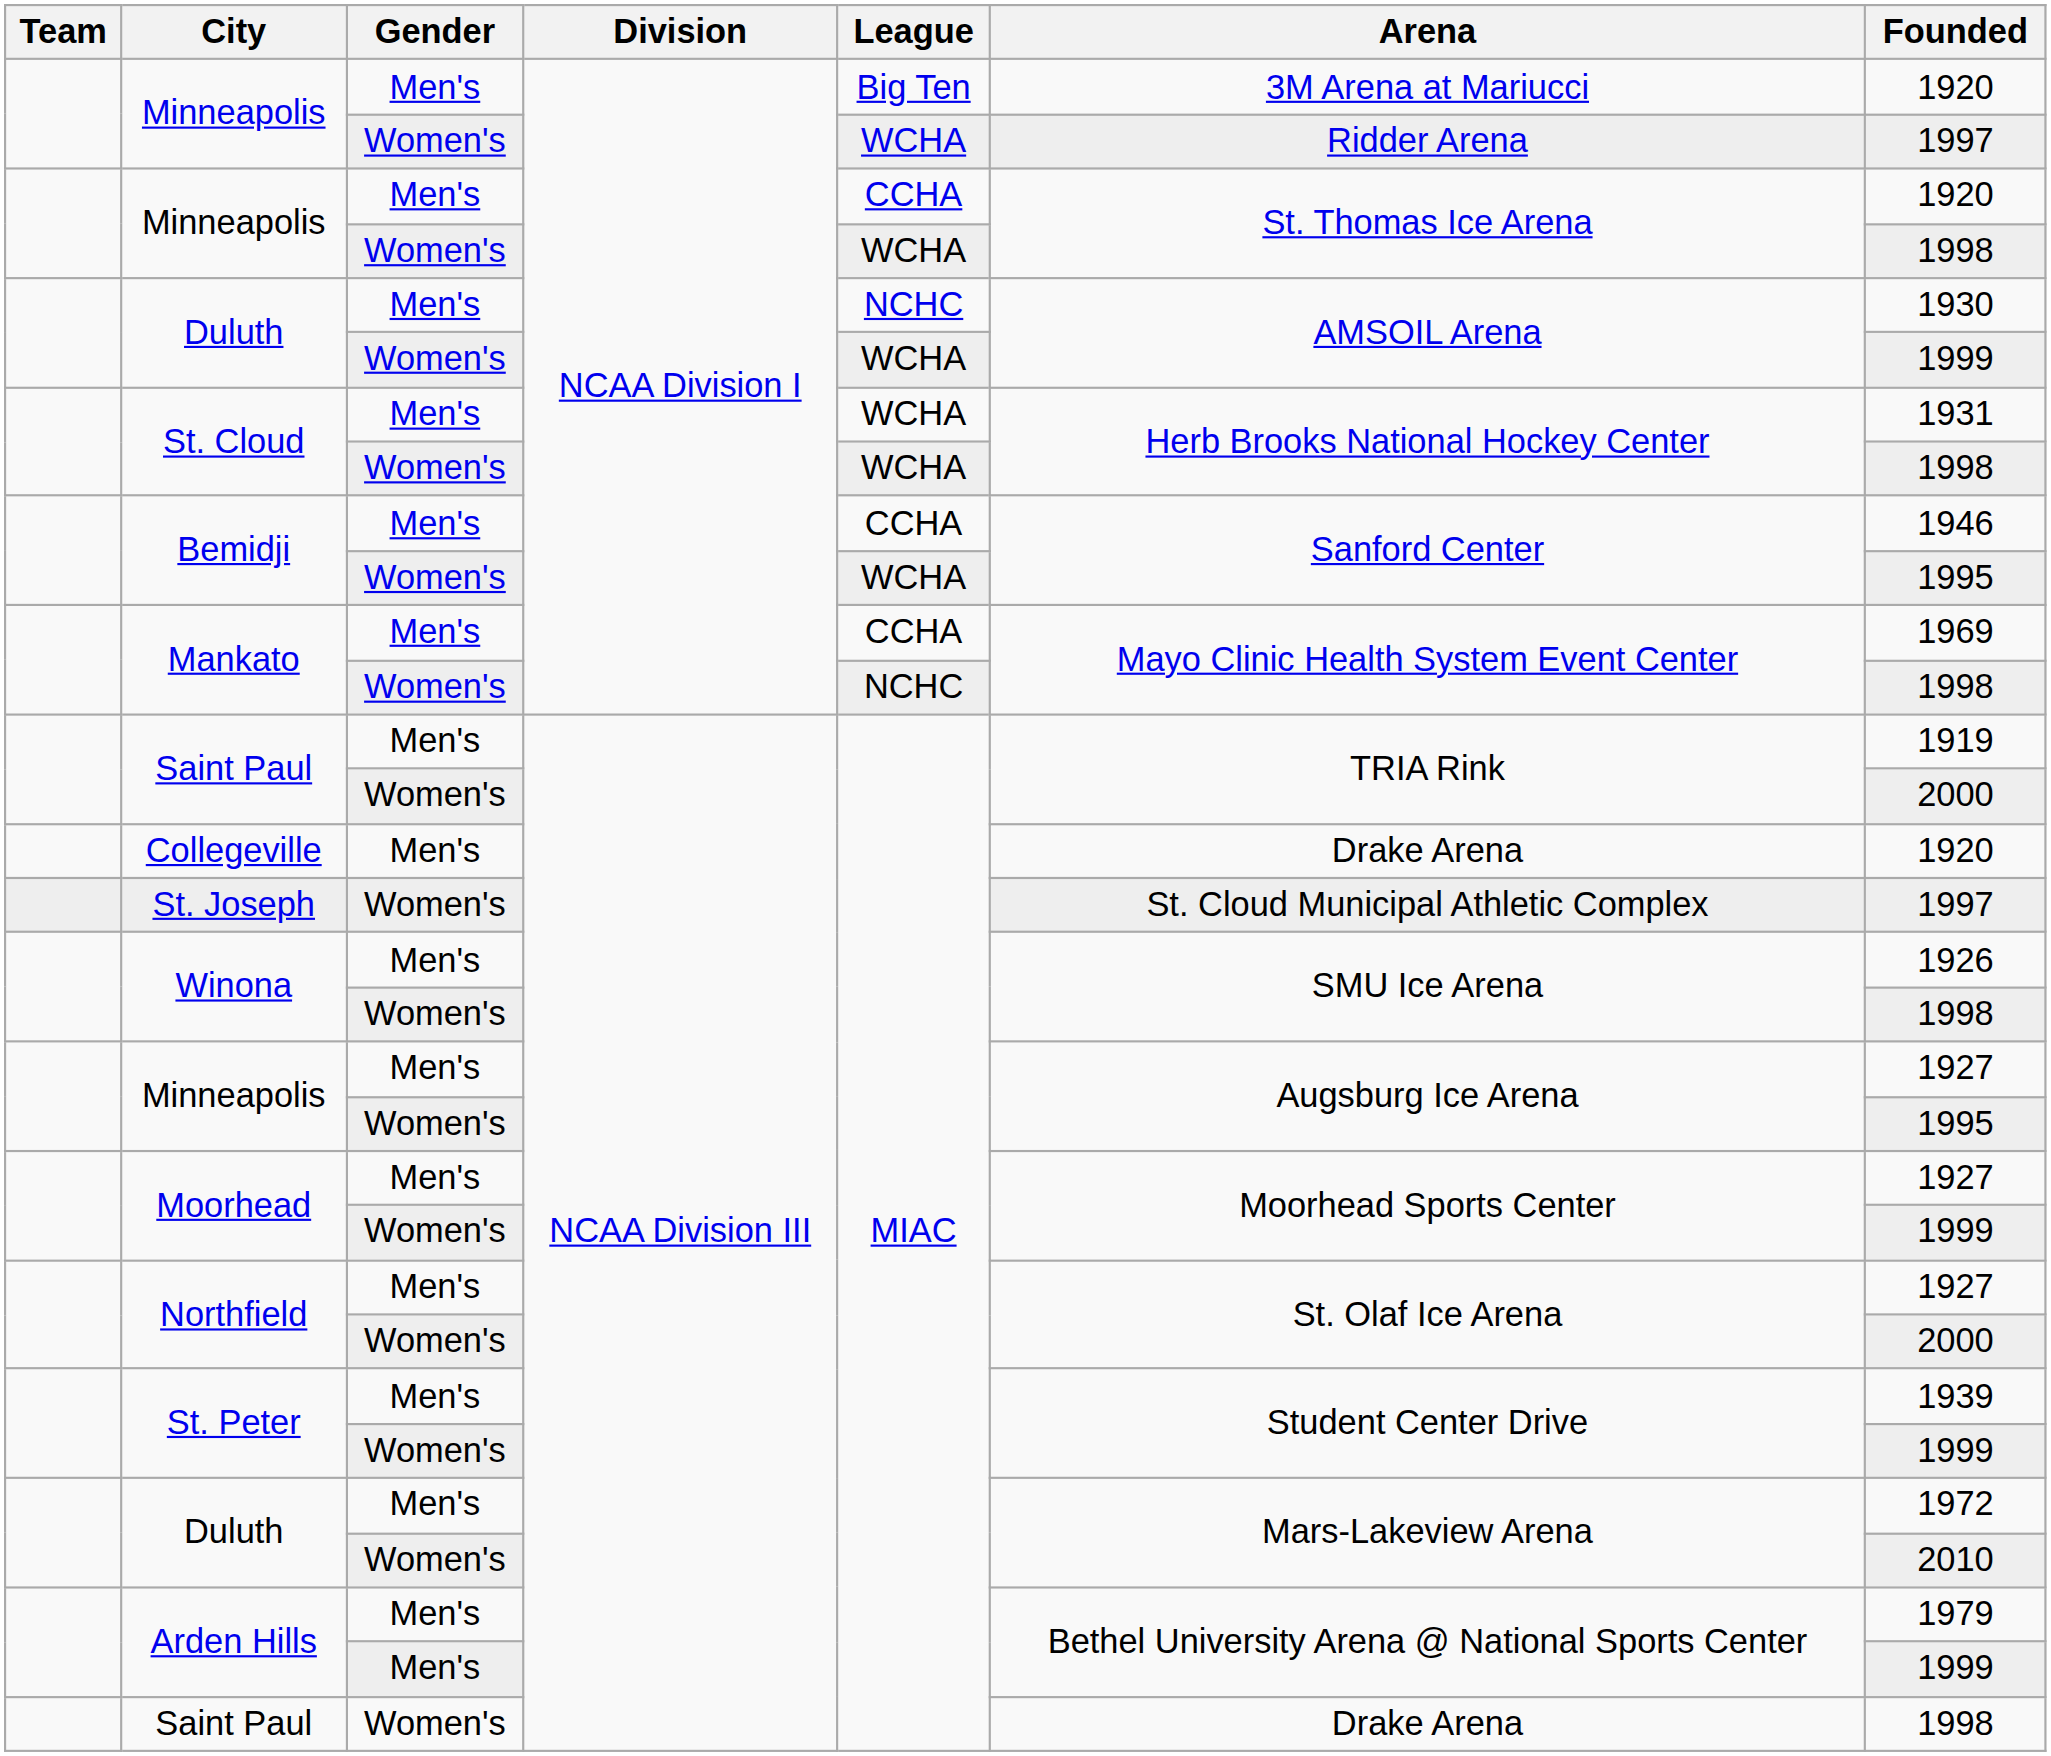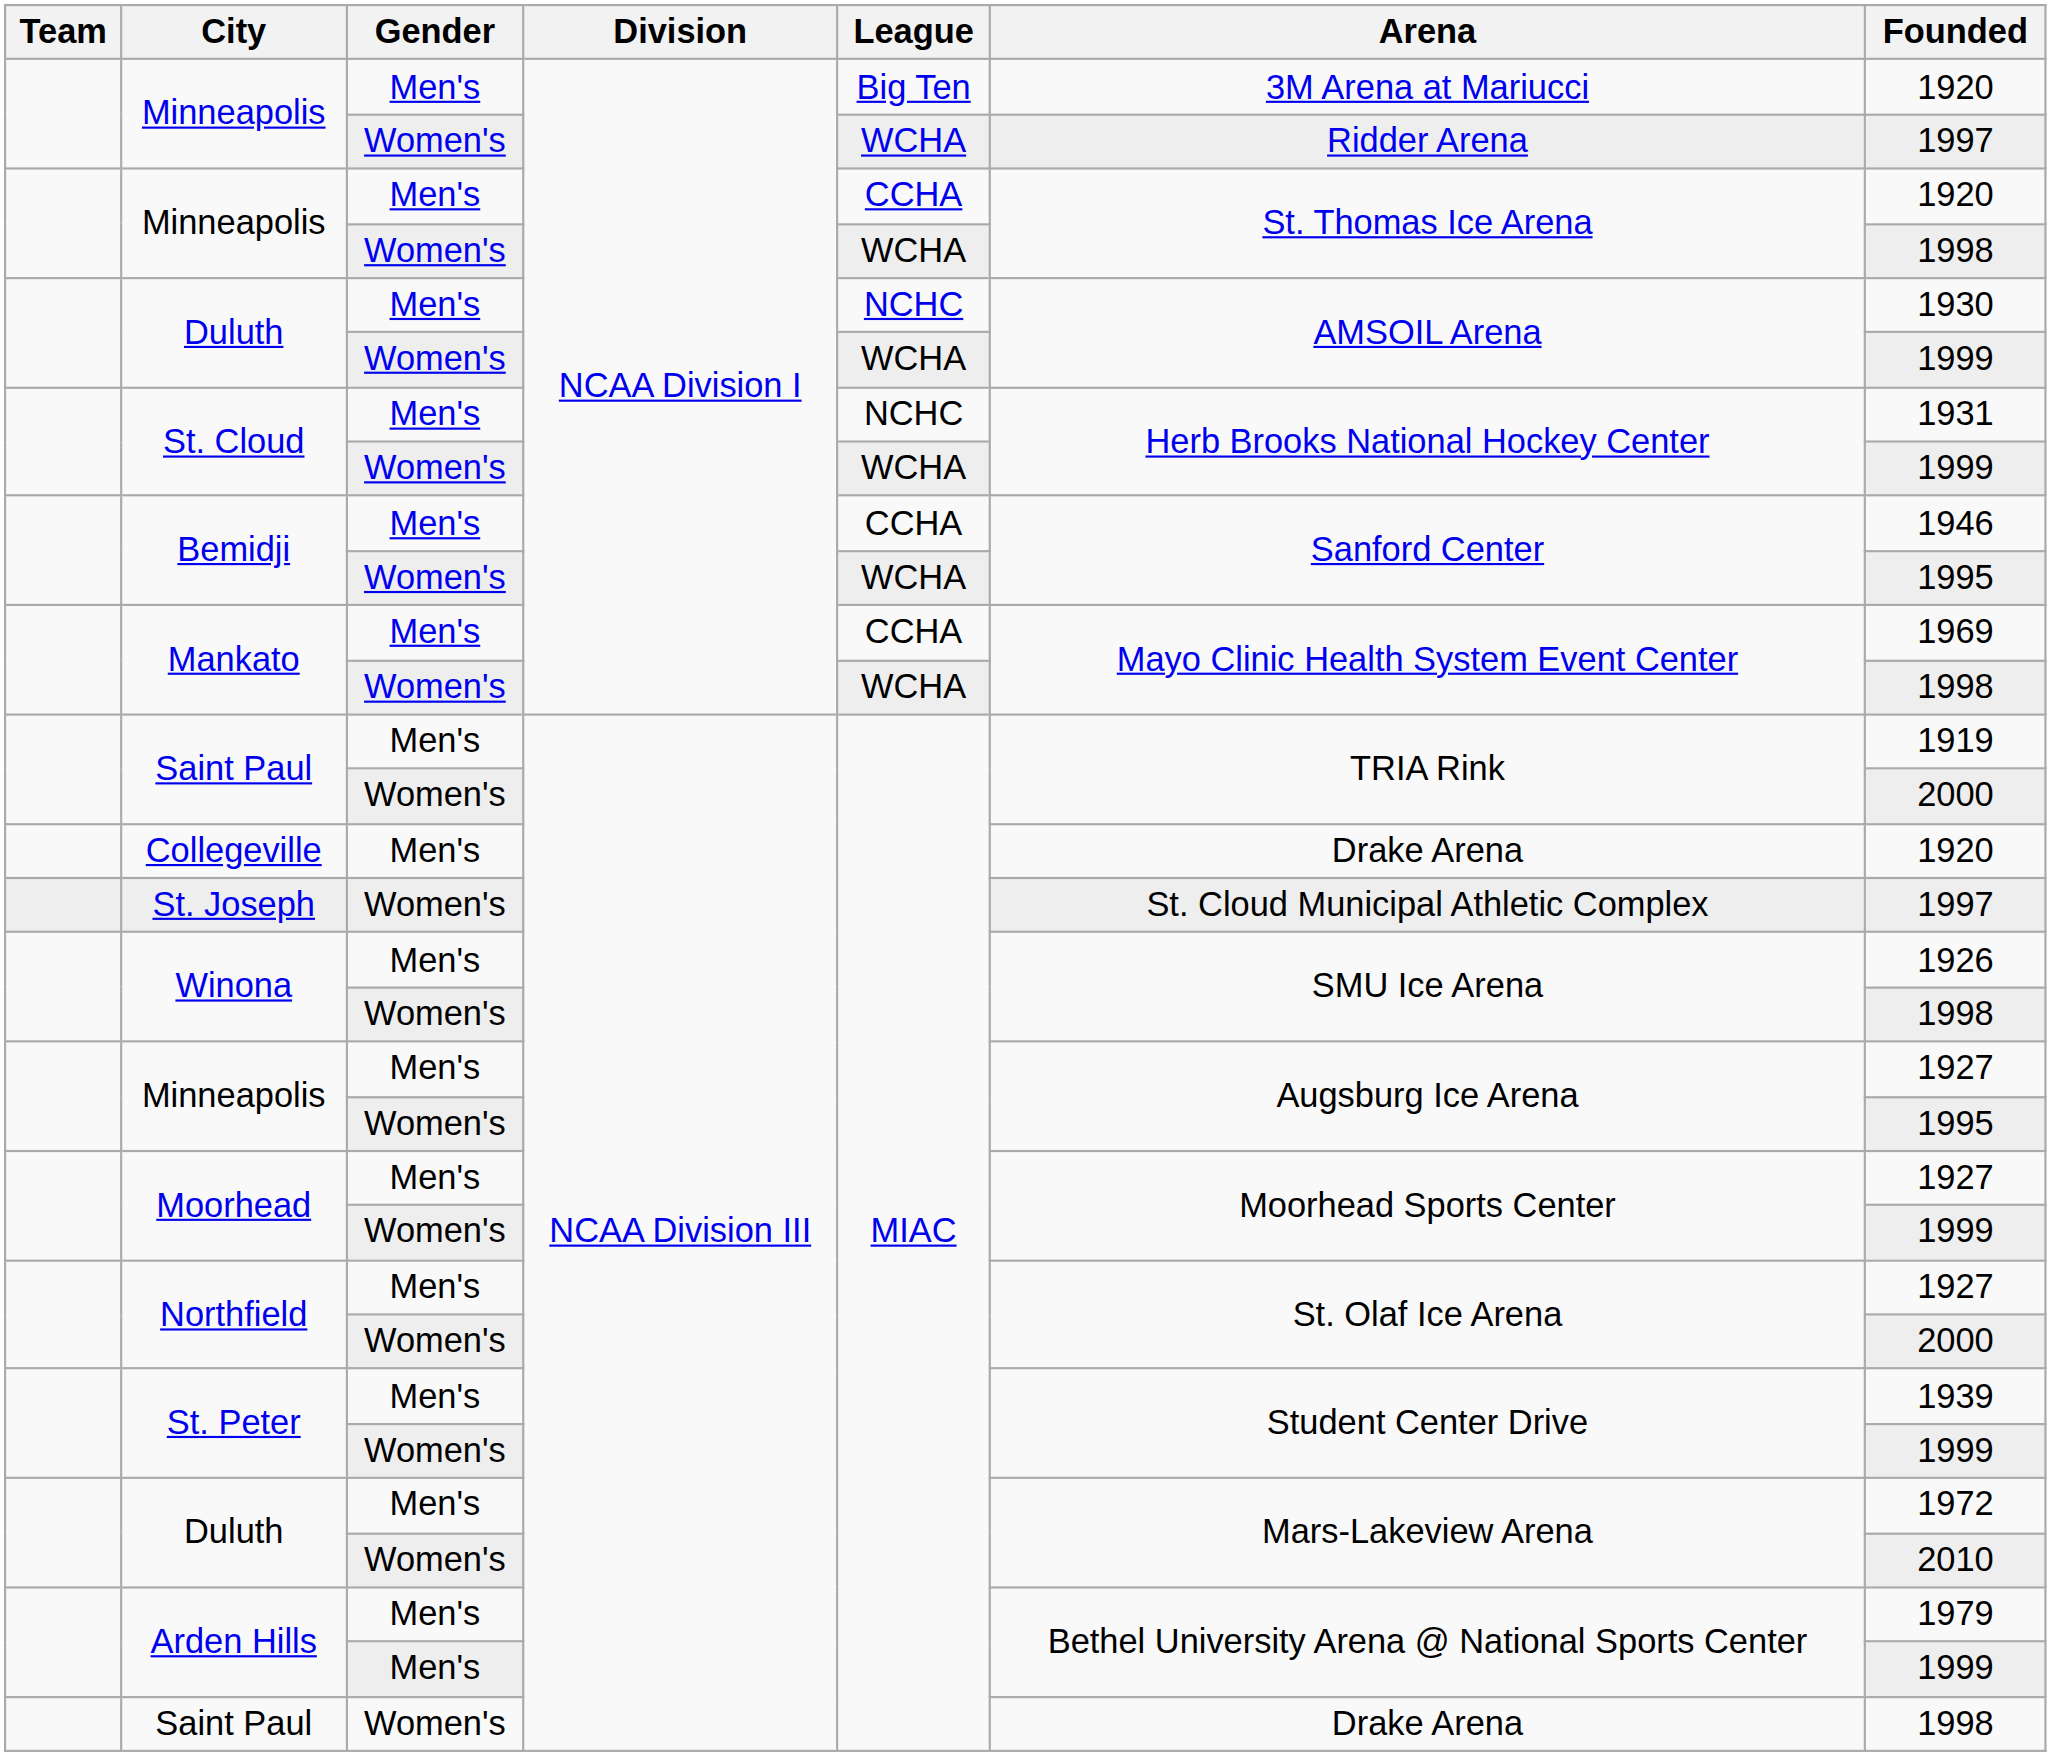 <table class="wikitable sortable" width="60%" style="text-align: center;">
 <tr>
 <th>Team</th>
 <th>City</th>
 <th>Gender</th>
 <th>Division</th>
 <th>League</th>
 <th>Arena</th>
 <th>Founded</th>
 </tr>
 <tr>
 <td rowspan="2"><strong><a href='#'></a></strong></td>
 <td rowspan="2"><a href='#'>Minneapolis</a></td>
 <td><a href='#'>Men's</a></td>
 <td rowspan="12"><a href='#'>NCAA Division I</a></td>
 <td><a href='#'>Big Ten</a></td>
 <td><a href='#'>3M Arena at Mariucci</a></td>
 <td>1920</td>
 </tr>
 <tr style="background-color: #eee;">
 <td><a href='#'>Women's</a></td>
 <td><a href='#'>WCHA</a></td>
 <td><a href='#'>Ridder Arena</a></td>
 <td>1997</td>
 </tr>
 <tr>
 <td rowspan="2"><strong><a href='#'></a></strong></td>
 <td rowspan="2">Minneapolis</td>
 <td><a href='#'>Men's</a></td>
 <td><a href='#'>CCHA</a></td>
 <td rowspan="2"><a href='#'>St. Thomas Ice Arena</a></td>
 <td>1920</td>
 </tr>
 <tr style="background-color: #eee;">
 <td><a href='#'>Women's</a></td>
 <td>WCHA</td>
 <td>1998</td>
 </tr>
 <tr>
 <td rowspan="2"><strong><a href='#'></a></strong></td>
 <td rowspan="2"><a href='#'>Duluth</a></td>
 <td><a href='#'>Men's</a></td>
 <td><a href='#'>NCHC</a></td>
 <td rowspan="2"><a href='#'>AMSOIL Arena</a></td>
 <td>1930</td>
 </tr>
 <tr style="background-color: #eee;">
 <td><a href='#'>Women's</a></td>
 <td>WCHA</td>
 <td>1999</td>
 </tr>
 <tr>
 <td rowspan="2"><strong><a href='#'></a></strong></td>
 <td rowspan="2"><a href='#'>St. Cloud</a></td>
 <td><a href='#'>Men's</a></td>
-<td>WCHA</td>
+<td>NCHC</td>
 <td rowspan="2"><a href='#'>Herb Brooks National Hockey Center</a></td>
 <td>1931</td>
 </tr>
 <tr style="background-color: #eee;">
 <td><a href='#'>Women's</a></td>
 <td>WCHA</td>
-<td>1998</td>
+<td>1999</td>
 </tr>
 <tr>
 <td rowspan="2"><strong><a href='#'></a></strong></td>
 <td rowspan="2"><a href='#'>Bemidji</a></td>
 <td><a href='#'>Men's</a></td>
 <td>CCHA</td>
 <td rowspan="2"><a href='#'>Sanford Center</a></td>
 <td>1946</td>
 </tr>
 <tr style="background-color: #eee;">
 <td><a href='#'>Women's</a></td>
 <td>WCHA</td>
 <td>1995</td>
 </tr>
 <tr>
 <td rowspan="2"><strong><a href='#'></a></strong></td>
 <td rowspan="2"><a href='#'>Mankato</a></td>
 <td><a href='#'>Men's</a></td>
 <td>CCHA</td>
 <td rowspan="2"><a href='#'>Mayo Clinic Health System Event Center</a></td>
 <td>1969</td>
 </tr>
 <tr style="background-color: #eee;">
 <td><a href='#'>Women's</a></td>
-<td>NCHC</td>
+<td>WCHA</td>
 <td>1998</td>
 </tr>
 <tr>
 <td rowspan="2"><strong><a href='#'></a></strong></td>
 <td rowspan="2"><a href='#'>Saint Paul</a></td>
 <td>Men's</td>
 <td rowspan="19"><a href='#'>NCAA Division III</a></td>
 <td rowspan="19"><a href='#'>MIAC</a></td>
 <td rowspan="2">TRIA Rink</td>
 <td>1919</td>
 </tr>
 <tr style="background-color: #eee;">
 <td>Women's</td>
 <td>2000</td>
 </tr>
 <tr>
 <td><strong><a href='#'></a></strong></td>
 <td><a href='#'>Collegeville</a></td>
 <td>Men's</td>
 <td>Drake Arena</td>
 <td>1920</td>
 </tr>
 <tr style="background-color: #eee;">
 <td><strong><a href='#'></a></strong></td>
 <td><a href='#'>St. Joseph</a></td>
 <td>Women's</td>
 <td>St. Cloud Municipal Athletic Complex</td>
 <td>1997</td>
 </tr>
 <tr>
 <td rowspan="2"><strong><a href='#'></a></strong></td>
 <td rowspan="2"><a href='#'>Winona</a></td>
 <td>Men's</td>
 <td rowspan="2">SMU Ice Arena</td>
 <td>1926</td>
 </tr>
 <tr style="background-color: #eee;">
 <td>Women's</td>
 <td>1998</td>
 </tr>
 <tr>
 <td rowspan="2"><strong><a href='#'></a></strong></td>
 <td rowspan="2">Minneapolis</td>
 <td>Men's</td>
 <td rowspan="2">Augsburg Ice Arena</td>
 <td>1927</td>
 </tr>
 <tr style="background-color: #eee;">
 <td>Women's</td>
 <td>1995</td>
 </tr>
 <tr>
 <td rowspan="2"><strong><a href='#'></a></strong></td>
 <td rowspan="2"><a href='#'>Moorhead</a></td>
 <td>Men's</td>
 <td rowspan="2">Moorhead Sports Center</td>
 <td>1927</td>
 </tr>
 <tr style="background-color: #eee;">
 <td>Women's</td>
 <td>1999</td>
 </tr>
 <tr>
 <td rowspan="2"><strong><a href='#'></a></strong></td>
 <td rowspan="2"><a href='#'>Northfield</a></td>
 <td>Men's</td>
 <td rowspan="2">St. Olaf Ice Arena</td>
 <td>1927</td>
 </tr>
 <tr style="background-color: #eee;">
 <td>Women's</td>
 <td>2000</td>
 </tr>
 <tr>
 <td rowspan="2"><strong><a href='#'></a></strong></td>
 <td rowspan="2"><a href='#'>St. Peter</a></td>
 <td>Men's</td>
 <td rowspan="2">Student Center Drive</td>
 <td>1939</td>
 </tr>
 <tr style="background-color: #eee;">
 <td>Women's</td>
 <td>1999</td>
 </tr>
 <tr>
 <td rowspan="2"><strong><a href='#'></a></strong></td>
 <td rowspan="2">Duluth</td>
 <td>Men's</td>
 <td rowspan="2">Mars-Lakeview Arena</td>
 <td>1972</td>
 </tr>
 <tr style="background-color: #eee;">
 <td>Women's</td>
 <td>2010</td>
 </tr>
 <tr>
 <td rowspan="2"><strong><a href='#'></a></strong></td>
 <td rowspan="2"><a href='#'>Arden Hills</a></td>
 <td>Men's</td>
 <td rowspan="2">Bethel University Arena @ National Sports Center</td>
 <td>1979</td>
 </tr>
 <tr style="background-color: #eee;">
 <td>Men's</td>
 <td>1999</td>
 </tr>
 <tr>
 <td><strong><a href='#'></a></strong></td>
 <td>Saint Paul</td>
 <td>Women's</td>
 <td>Drake Arena</td>
 <td>1998</td>
 </tr>
 </table>
